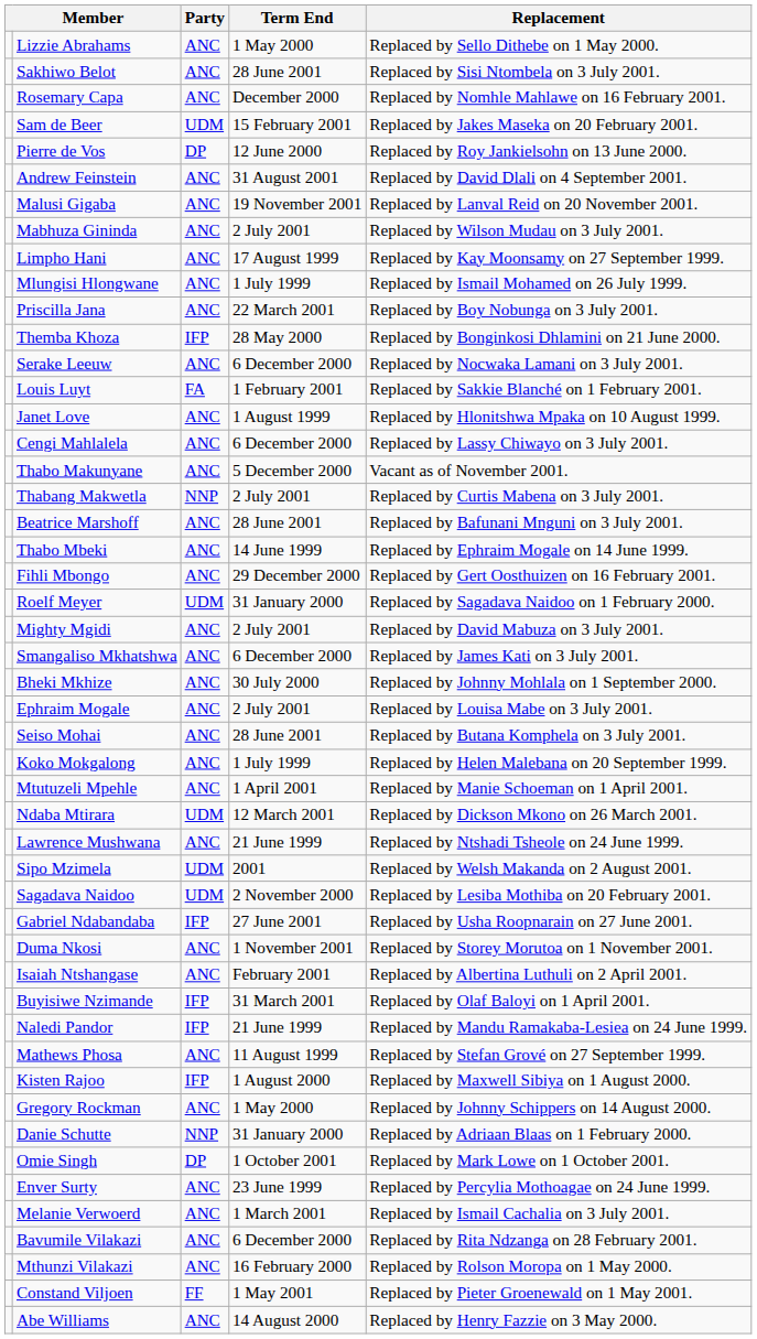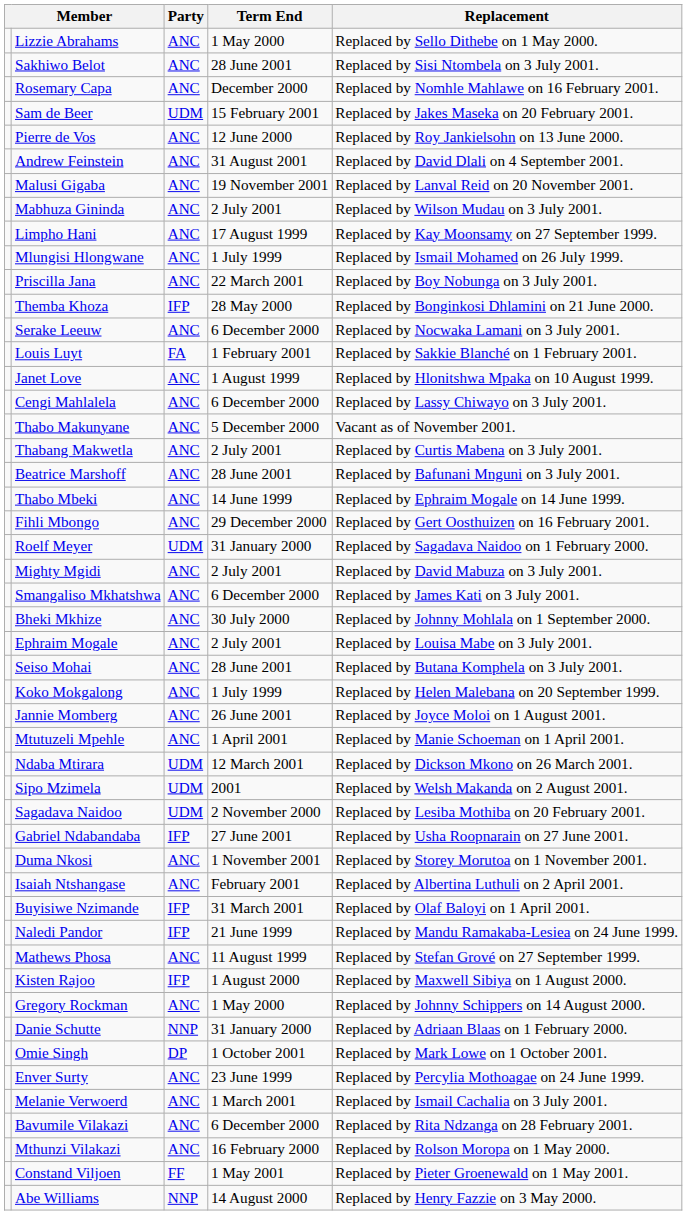 <table class="wikitable sortable">
 <tr>
 <th colspan="2">Member</th>
 <th>Party</th>
 <th>Term End</th>
 <th>Replacement</th>
 </tr>
 <tr>
 <td style="background-color: "></td>
 <td><a href='#'>Lizzie Abrahams</a></td>
 <td><a href='#'>ANC</a></td>
 <td>1 May 2000</td>
 <td>Replaced by <a href='#'>Sello Dithebe</a> on 1 May 2000.</td>
 </tr>
 <tr>
 <td style="background-color: "></td>
 <td><a href='#'>Sakhiwo Belot</a></td>
 <td><a href='#'>ANC</a></td>
 <td>28 June 2001</td>
 <td>Replaced by <a href='#'>Sisi Ntombela</a> on 3 July 2001.</td>
 </tr>
 <tr>
 <td style="background-color: "></td>
 <td><a href='#'>Rosemary Capa</a></td>
 <td><a href='#'>ANC</a></td>
 <td>December 2000</td>
 <td>Replaced by <a href='#'>Nomhle Mahlawe</a> on 16 February 2001.</td>
 </tr>
 <tr>
 <td style="background-color: "></td>
 <td><a href='#'>Sam de Beer</a></td>
 <td><a href='#'>UDM</a></td>
 <td>15 February 2001</td>
 <td>Replaced by <a href='#'>Jakes Maseka</a> on 20 February 2001.</td>
 </tr>
 <tr>
 <td style="background-color: "></td>
 <td><a href='#'>Pierre de Vos</a></td>
-<td><a href='#'>DP</a></td>
+<td><a href='#'>ANC</a></td>
 <td>12 June 2000</td>
 <td>Replaced by <a href='#'>Roy Jankielsohn</a> on 13 June 2000.</td>
 </tr>
 <tr>
 <td style="background-color: "></td>
 <td><a href='#'>Andrew Feinstein</a></td>
 <td><a href='#'>ANC</a></td>
 <td>31 August 2001</td>
 <td>Replaced by <a href='#'>David Dlali</a> on 4 September 2001.</td>
 </tr>
 <tr>
 <td style="background-color: "></td>
 <td><a href='#'>Malusi Gigaba</a></td>
 <td><a href='#'>ANC</a></td>
 <td>19 November 2001</td>
 <td>Replaced by <a href='#'>Lanval Reid</a> on 20 November 2001.</td>
 </tr>
 <tr>
 <td style="background-color: "></td>
 <td><a href='#'>Mabhuza Gininda</a></td>
 <td><a href='#'>ANC</a></td>
 <td>2 July 2001</td>
 <td>Replaced by <a href='#'>Wilson Mudau</a> on 3 July 2001.</td>
 </tr>
 <tr>
 <td style="background-color: "></td>
 <td><a href='#'>Limpho Hani</a></td>
 <td><a href='#'>ANC</a></td>
 <td>17 August 1999</td>
 <td>Replaced by <a href='#'>Kay Moonsamy</a> on 27 September 1999.</td>
 </tr>
 <tr>
 <td style="background-color: "></td>
 <td><a href='#'>Mlungisi Hlongwane</a></td>
 <td><a href='#'>ANC</a></td>
 <td>1 July 1999</td>
 <td>Replaced by <a href='#'>Ismail Mohamed</a> on 26 July 1999.</td>
 </tr>
 <tr>
 <td style="background-color: "></td>
 <td><a href='#'>Priscilla Jana</a></td>
 <td><a href='#'>ANC</a></td>
 <td>22 March 2001</td>
 <td>Replaced by <a href='#'>Boy Nobunga</a> on 3 July 2001.</td>
 </tr>
 <tr>
 <td style="background-color: "></td>
 <td><a href='#'>Themba Khoza</a></td>
 <td><a href='#'>IFP</a></td>
 <td>28 May 2000</td>
 <td>Replaced by <a href='#'>Bonginkosi Dhlamini</a> on 21 June 2000.</td>
 </tr>
 <tr>
 <td style="background-color: "></td>
 <td><a href='#'>Serake Leeuw</a></td>
 <td><a href='#'>ANC</a></td>
 <td>6 December 2000</td>
 <td>Replaced by <a href='#'>Nocwaka Lamani</a> on 3 July 2001.</td>
 </tr>
 <tr>
 <td style="background-color: "></td>
 <td><a href='#'>Louis Luyt</a></td>
 <td><a href='#'>FA</a></td>
 <td>1 February 2001</td>
 <td>Replaced by <a href='#'>Sakkie Blanché</a> on 1 February 2001.</td>
 </tr>
 <tr>
 <td style="background-color: "></td>
 <td><a href='#'>Janet Love</a></td>
 <td><a href='#'>ANC</a></td>
 <td>1 August 1999</td>
 <td>Replaced by <a href='#'>Hlonitshwa Mpaka</a> on 10 August 1999.</td>
 </tr>
 <tr>
 <td style="background-color: "></td>
 <td><a href='#'>Cengi Mahlalela</a></td>
 <td><a href='#'>ANC</a></td>
 <td>6 December 2000</td>
 <td>Replaced by <a href='#'>Lassy Chiwayo</a> on 3 July 2001.</td>
 </tr>
 <tr>
 <td style="background-color: "></td>
 <td><a href='#'>Thabo Makunyane</a></td>
 <td><a href='#'>ANC</a></td>
 <td>5 December 2000</td>
 <td>Vacant as of November 2001.</td>
 </tr>
 <tr>
 <td style="background-color: "></td>
 <td><a href='#'>Thabang Makwetla</a></td>
-<td><a href='#'>NNP</a></td>
+<td><a href='#'>ANC</a></td>
 <td>2 July 2001</td>
 <td>Replaced by <a href='#'>Curtis Mabena</a> on 3 July 2001.</td>
 </tr>
 <tr>
 <td style="background-color: "></td>
 <td><a href='#'>Beatrice Marshoff</a></td>
 <td><a href='#'>ANC</a></td>
 <td>28 June 2001</td>
 <td>Replaced by <a href='#'>Bafunani Mnguni</a> on 3 July 2001.</td>
 </tr>
 <tr>
 <td style="background-color: "></td>
 <td><a href='#'>Thabo Mbeki</a></td>
 <td><a href='#'>ANC</a></td>
 <td>14 June 1999</td>
 <td>Replaced by <a href='#'>Ephraim Mogale</a> on 14 June 1999.</td>
 </tr>
 <tr>
 <td style="background-color: "></td>
 <td><a href='#'>Fihli Mbongo</a></td>
 <td><a href='#'>ANC</a></td>
 <td>29 December 2000</td>
 <td>Replaced by <a href='#'>Gert Oosthuizen</a> on 16 February 2001.</td>
 </tr>
 <tr>
 <td style="background-color: "></td>
 <td><a href='#'>Roelf Meyer</a></td>
 <td><a href='#'>UDM</a></td>
 <td>31 January 2000</td>
 <td>Replaced by <a href='#'>Sagadava Naidoo</a> on 1 February 2000.</td>
 </tr>
 <tr>
 <td style="background-color: "></td>
 <td><a href='#'>Mighty Mgidi</a></td>
 <td><a href='#'>ANC</a></td>
 <td>2 July 2001</td>
 <td>Replaced by <a href='#'>David Mabuza</a> on 3 July 2001.</td>
 </tr>
 <tr>
 <td style="background-color: "></td>
 <td><a href='#'>Smangaliso Mkhatshwa</a></td>
 <td><a href='#'>ANC</a></td>
 <td>6 December 2000</td>
 <td>Replaced by <a href='#'>James Kati</a> on 3 July 2001.</td>
 </tr>
 <tr>
 <td style="background-color: "></td>
 <td><a href='#'>Bheki Mkhize</a></td>
 <td><a href='#'>ANC</a></td>
 <td>30 July 2000</td>
 <td>Replaced by <a href='#'>Johnny Mohlala</a> on 1 September 2000.</td>
 </tr>
 <tr>
 <td style="background-color: "></td>
 <td><a href='#'>Ephraim Mogale</a></td>
 <td><a href='#'>ANC</a></td>
 <td>2 July 2001</td>
 <td>Replaced by <a href='#'>Louisa Mabe</a> on 3 July 2001.</td>
 </tr>
 <tr>
 <td style="background-color: "></td>
 <td><a href='#'>Seiso Mohai</a></td>
 <td><a href='#'>ANC</a></td>
 <td>28 June 2001</td>
 <td>Replaced by <a href='#'>Butana Komphela</a> on 3 July 2001.</td>
 </tr>
 <tr>
 <td style="background-color: "></td>
 <td><a href='#'>Koko Mokgalong</a></td>
 <td><a href='#'>ANC</a></td>
 <td>1 July 1999</td>
 <td>Replaced by <a href='#'>Helen Malebana</a> on 20 September 1999.</td>
 </tr>
 <tr>
 <td style="background-color: "></td>
+<td><a href='#'>Jannie Momberg</a></td>
+<td><a href='#'>ANC</a></td>
+<td>26 June 2001</td>
+<td>Replaced by <a href='#'>Joyce Moloi</a> on 1 August 2001.</td>
+</tr>
+<tr>
+<td style="background-color: "></td>
 <td><a href='#'>Mtutuzeli Mpehle</a></td>
 <td><a href='#'>ANC</a></td>
 <td>1 April 2001</td>
 <td>Replaced by <a href='#'>Manie Schoeman</a> on 1 April 2001.</td>
 </tr>
 <tr>
 <td style="background-color: "></td>
 <td><a href='#'>Ndaba Mtirara</a></td>
 <td><a href='#'>UDM</a></td>
 <td>12 March 2001</td>
 <td>Replaced by <a href='#'>Dickson Mkono</a> on 26 March 2001.</td>
-</tr>
-<tr>
-<td style="background-color: "></td>
-<td><a href='#'>Lawrence Mushwana</a></td>
-<td><a href='#'>ANC</a></td>
-<td>21 June 1999</td>
-<td>Replaced by <a href='#'>Ntshadi Tsheole</a> on 24 June 1999.</td>
 </tr>
 <tr>
 <td style="background-color: "></td>
 <td><a href='#'>Sipo Mzimela</a></td>
 <td><a href='#'>UDM</a></td>
 <td>2001</td>
 <td>Replaced by <a href='#'>Welsh Makanda</a> on 2 August 2001.</td>
 </tr>
 <tr>
 <td style="background-color: "></td>
 <td><a href='#'>Sagadava Naidoo</a></td>
 <td><a href='#'>UDM</a></td>
 <td>2 November 2000</td>
 <td>Replaced by <a href='#'>Lesiba Mothiba</a> on 20 February 2001.</td>
 </tr>
 <tr>
 <td style="background-color: "></td>
 <td><a href='#'>Gabriel Ndabandaba</a></td>
 <td><a href='#'>IFP</a></td>
 <td>27 June 2001</td>
 <td>Replaced by <a href='#'>Usha Roopnarain</a> on 27 June 2001.</td>
 </tr>
 <tr>
 <td style="background-color: "></td>
 <td><a href='#'>Duma Nkosi</a></td>
 <td><a href='#'>ANC</a></td>
 <td>1 November 2001</td>
 <td>Replaced by <a href='#'>Storey Morutoa</a> on 1 November 2001.</td>
 </tr>
 <tr>
 <td style="background-color: "></td>
 <td><a href='#'>Isaiah Ntshangase</a></td>
 <td><a href='#'>ANC</a></td>
 <td>February 2001</td>
 <td>Replaced by <a href='#'>Albertina Luthuli</a> on 2 April 2001.</td>
 </tr>
 <tr>
 <td style="background-color: "></td>
 <td><a href='#'>Buyisiwe Nzimande</a></td>
 <td><a href='#'>IFP</a></td>
 <td>31 March 2001</td>
 <td>Replaced by <a href='#'>Olaf Baloyi</a> on 1 April 2001.</td>
 </tr>
 <tr>
 <td style="background-color: "></td>
 <td><a href='#'>Naledi Pandor</a></td>
 <td><a href='#'>IFP</a></td>
 <td>21 June 1999</td>
 <td>Replaced by <a href='#'>Mandu Ramakaba-Lesiea</a> on 24 June 1999.</td>
 </tr>
 <tr>
 <td style="background-color: "></td>
 <td><a href='#'>Mathews Phosa</a></td>
 <td><a href='#'>ANC</a></td>
 <td>11 August 1999</td>
 <td>Replaced by <a href='#'>Stefan Grové</a> on 27 September 1999.</td>
 </tr>
 <tr>
 <td style="background-color: "></td>
 <td><a href='#'>Kisten Rajoo</a></td>
 <td><a href='#'>IFP</a></td>
 <td>1 August 2000</td>
 <td>Replaced by <a href='#'>Maxwell Sibiya</a> on 1 August 2000.</td>
 </tr>
 <tr>
 <td style="background-color: "></td>
 <td><a href='#'>Gregory Rockman</a></td>
 <td><a href='#'>ANC</a></td>
 <td>1 May 2000</td>
 <td>Replaced by <a href='#'>Johnny Schippers</a> on 14 August 2000.</td>
 </tr>
 <tr>
 <td style="background-color: "></td>
 <td><a href='#'>Danie Schutte</a></td>
 <td><a href='#'>NNP</a></td>
 <td>31 January 2000</td>
 <td>Replaced by <a href='#'>Adriaan Blaas</a> on 1 February 2000.</td>
 </tr>
 <tr>
 <td style="background-color: "></td>
 <td><a href='#'>Omie Singh</a></td>
 <td><a href='#'>DP</a></td>
 <td>1 October 2001</td>
 <td>Replaced by <a href='#'>Mark Lowe</a> on 1 October 2001.</td>
 </tr>
 <tr>
 <td style="background-color: "></td>
 <td><a href='#'>Enver Surty</a></td>
 <td><a href='#'>ANC</a></td>
 <td>23 June 1999</td>
 <td>Replaced by <a href='#'>Percylia Mothoagae</a> on 24 June 1999.</td>
 </tr>
 <tr>
 <td style="background-color: "></td>
 <td><a href='#'>Melanie Verwoerd</a></td>
 <td><a href='#'>ANC</a></td>
 <td>1 March 2001</td>
 <td>Replaced by <a href='#'>Ismail Cachalia</a> on 3 July 2001.</td>
 </tr>
 <tr>
 <td style="background-color: "></td>
 <td><a href='#'>Bavumile Vilakazi</a></td>
 <td><a href='#'>ANC</a></td>
 <td>6 December 2000</td>
 <td>Replaced by <a href='#'>Rita Ndzanga</a> on 28 February 2001.</td>
 </tr>
 <tr>
 <td style="background-color: "></td>
 <td><a href='#'>Mthunzi Vilakazi</a></td>
 <td><a href='#'>ANC</a></td>
 <td>16 February 2000</td>
 <td>Replaced by <a href='#'>Rolson Moropa</a> on 1 May 2000.</td>
 </tr>
 <tr>
 <td style="background-color: "></td>
 <td><a href='#'>Constand Viljoen</a></td>
 <td><a href='#'>FF</a></td>
 <td>1 May 2001</td>
 <td>Replaced by <a href='#'>Pieter Groenewald</a> on 1 May 2001.</td>
 </tr>
 <tr>
 <td style="background-color: "></td>
 <td><a href='#'>Abe Williams</a></td>
-<td><a href='#'>ANC</a></td>
+<td><a href='#'>NNP</a></td>
 <td>14 August 2000</td>
 <td>Replaced by <a href='#'>Henry Fazzie</a> on 3 May 2000.</td>
 </tr>
 </table>
